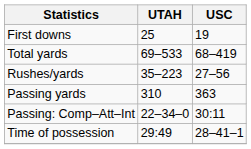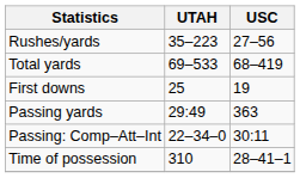 <table class="wikitable" style="float: left;">
 <tr>
 <th>Statistics</th>
 <th>UTAH</th>
 <th>USC</th>
 </tr>
 <tr>
-<td>First downs</td>
-<td>25</td>
-<td>19</td>
+<td>Rushes/yards</td>
+<td>35–223</td>
+<td>27–56</td>
 </tr>
 <tr>
 <td>Total yards</td>
 <td>69–533</td>
 <td>68–419</td>
 </tr>
 <tr>
-<td>Rushes/yards</td>
-<td>35–223</td>
-<td>27–56</td>
+<td>First downs</td>
+<td>25</td>
+<td>19</td>
 </tr>
 <tr>
 <td>Passing yards</td>
-<td>310</td>
+<td>29:49</td>
 <td>363</td>
 </tr>
 <tr>
 <td>Passing: Comp–Att–Int</td>
 <td>22–34–0</td>
 <td>30:11</td>
 </tr>
 <tr>
 <td>Time of possession</td>
-<td>29:49</td>
+<td>310</td>
 <td>28–41–1</td>
 </tr>
 <tr>
 </tr>
 </table>
